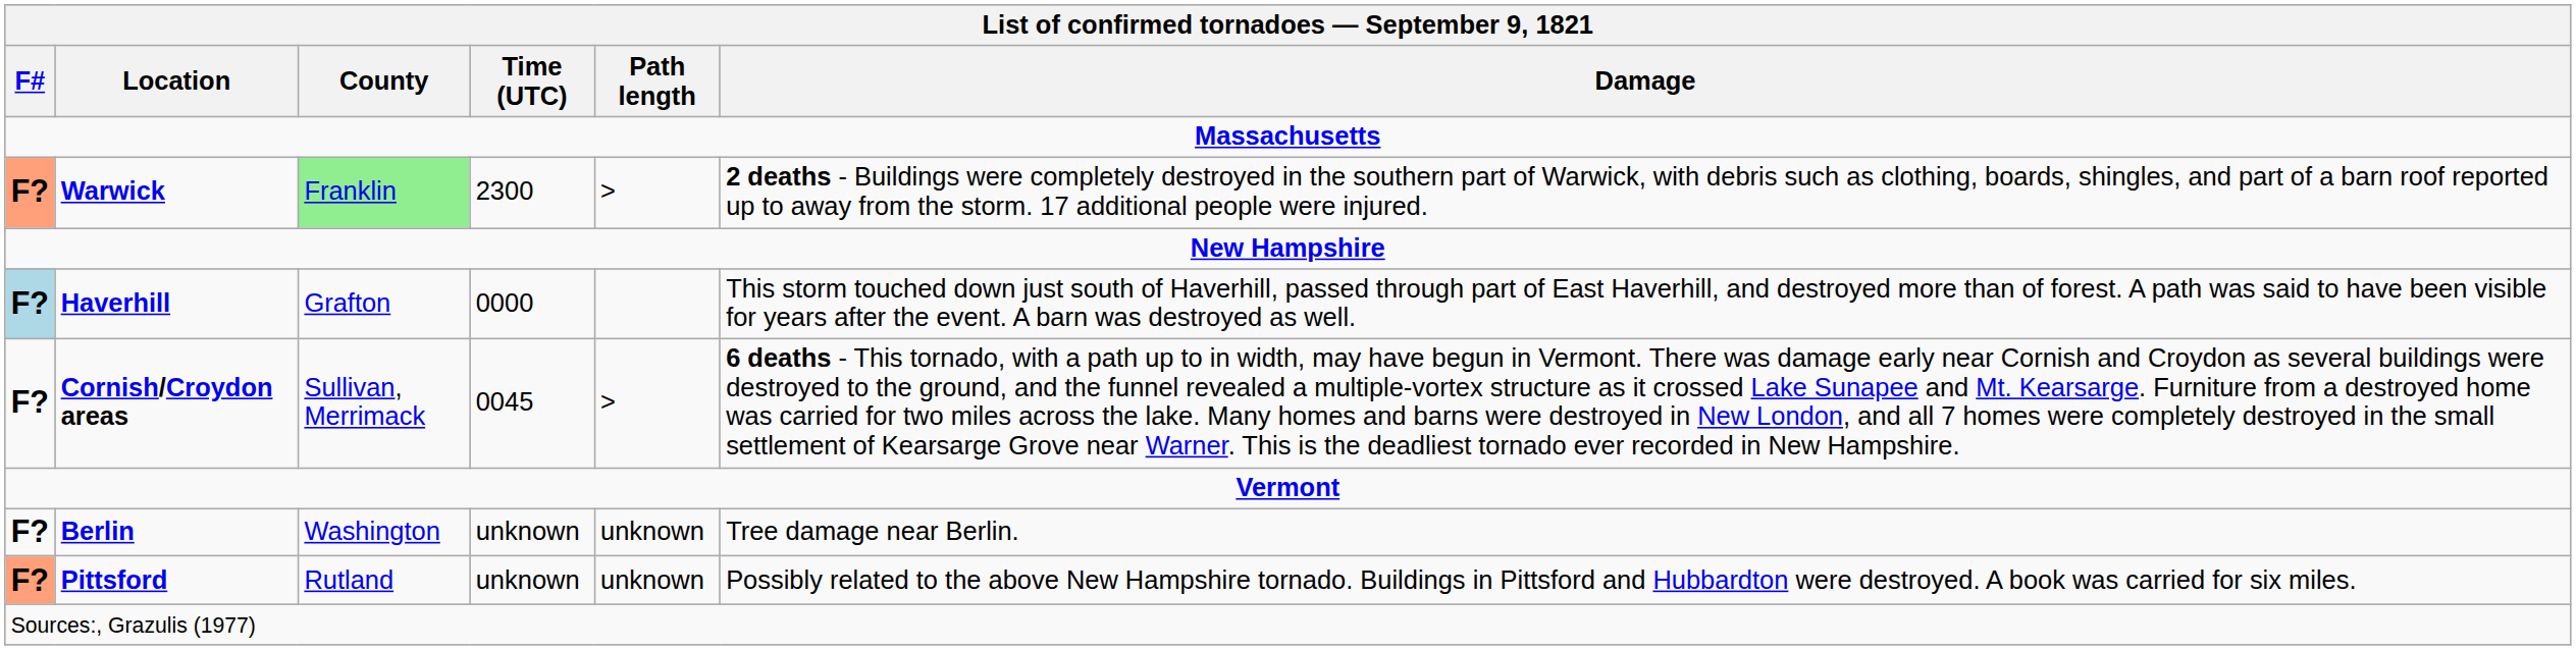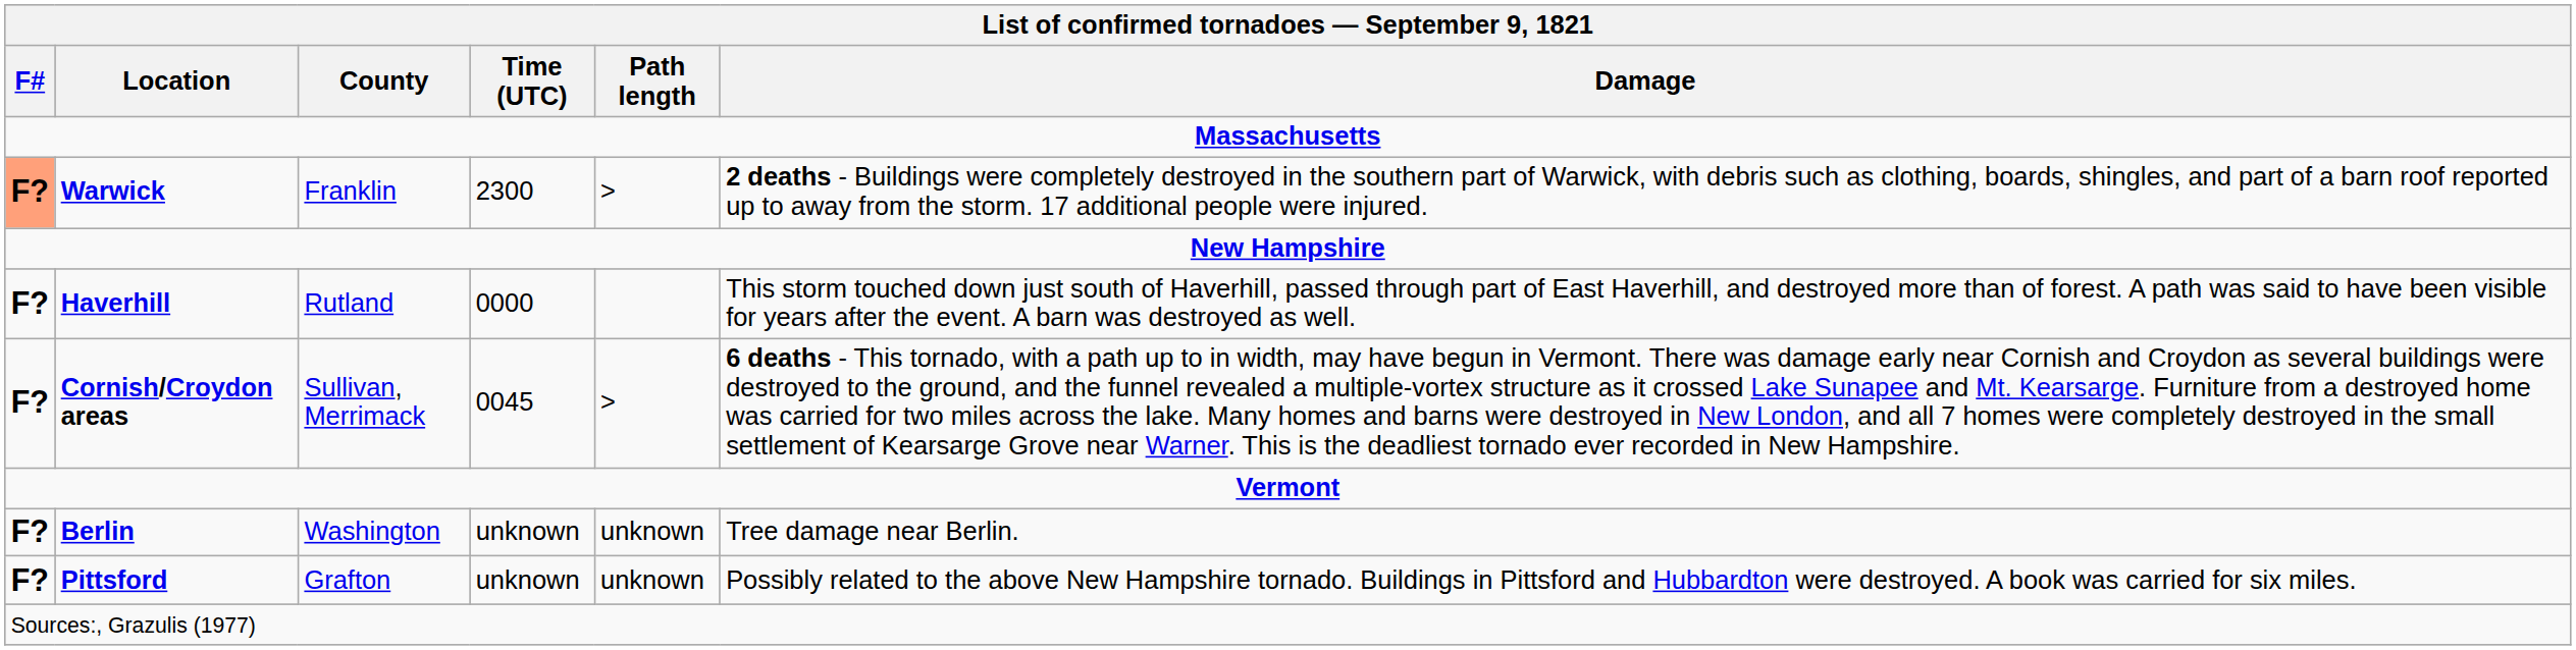 <table class="wikitable collapsible" width="100%">
 <tr>
 <th colspan="6">List of confirmed tornadoes — September 9, 1821</th>
 </tr>
 <tr>
 <th><a href='#'>F#</a></th>
 <th>Location</th>
 <th>County</th>
 <th>Time (UTC)</th>
 <th>Path length</th>
 <th>Damage</th>
 </tr>
 <tr>
 <td colspan="7" align=center><strong><a href='#'>Massachusetts</a></strong></td>
 </tr>
 <tr>
 <td style="background: lightsalmon;"><big><strong>F?</strong></big></td>
 <td><strong><a href='#'>Warwick</a></strong></td>
-<td style="background: lightgreen;"><a href='#'>Franklin</a></td>
+<td><a href='#'>Franklin</a></td>
 <td>2300</td>
 <td>></td>
 <td><strong>2 deaths</strong> - Buildings were completely destroyed in the southern part of Warwick, with debris such as clothing, boards, shingles, and part of a barn roof reported up to  away from the storm. 17 additional people were injured.</td>
 </tr>
 <tr>
 <td colspan="7" align=center><strong><a href='#'>New Hampshire</a></strong></td>
 </tr>
 <tr>
-<td style="background: lightblue;"><big><strong>F?</strong></big></td>
+<td><big><strong>F?</strong></big></td>
 <td><strong><a href='#'>Haverhill</a></strong></td>
-<td><a href='#'>Grafton</a></td>
+<td><a href='#'>Rutland</a></td>
 <td>0000</td>
 <td></td>
 <td>This storm touched down just south of Haverhill, passed through part of East Haverhill, and destroyed more than  of forest. A path was said to have been visible for years after the event. A barn was destroyed as well.</td>
 </tr>
 <tr>
 <td><big><strong>F?</strong></big></td>
 <td><strong><a href='#'>Cornish</a>/<a href='#'>Croydon</a> areas</strong></td>
 <td><a href='#'>Sullivan</a>, <a href='#'>Merrimack</a></td>
 <td>0045</td>
 <td>></td>
 <td><strong>6 deaths</strong> - This tornado, with a path up to  in width, may have begun in Vermont. There was damage early near Cornish and Croydon as several buildings were destroyed to the ground, and the funnel revealed a multiple-vortex structure as it crossed <a href='#'>Lake Sunapee</a> and <a href='#'>Mt. Kearsarge</a>. Furniture from a destroyed home was carried for two miles across the lake. Many homes and barns were destroyed in <a href='#'>New London</a>, and all 7 homes were completely destroyed in the small settlement of Kearsarge Grove near <a href='#'>Warner</a>. This is the deadliest tornado ever recorded in New Hampshire.</td>
 </tr>
 <tr>
 <td colspan="7" align=center><strong><a href='#'>Vermont</a></strong></td>
 </tr>
 <tr>
 <td><big><strong>F?</strong></big></td>
 <td><strong><a href='#'>Berlin</a></strong></td>
 <td><a href='#'>Washington</a></td>
 <td>unknown</td>
 <td>unknown</td>
 <td>Tree damage near Berlin.</td>
 </tr>
 <tr>
-<td style="background: lightsalmon;"><big><strong>F?</strong></big></td>
+<td><big><strong>F?</strong></big></td>
 <td><strong><a href='#'>Pittsford</a></strong></td>
-<td><a href='#'>Rutland</a></td>
+<td><a href='#'>Grafton</a></td>
 <td>unknown</td>
 <td>unknown</td>
 <td>Possibly related to the above New Hampshire tornado. Buildings in Pittsford and <a href='#'>Hubbardton</a> were destroyed. A book was carried for six miles.</td>
 </tr>
 <tr>
 <td colspan="7"><small>Sources:, Grazulis (1977)</small></td>
 </tr>
 </table>
